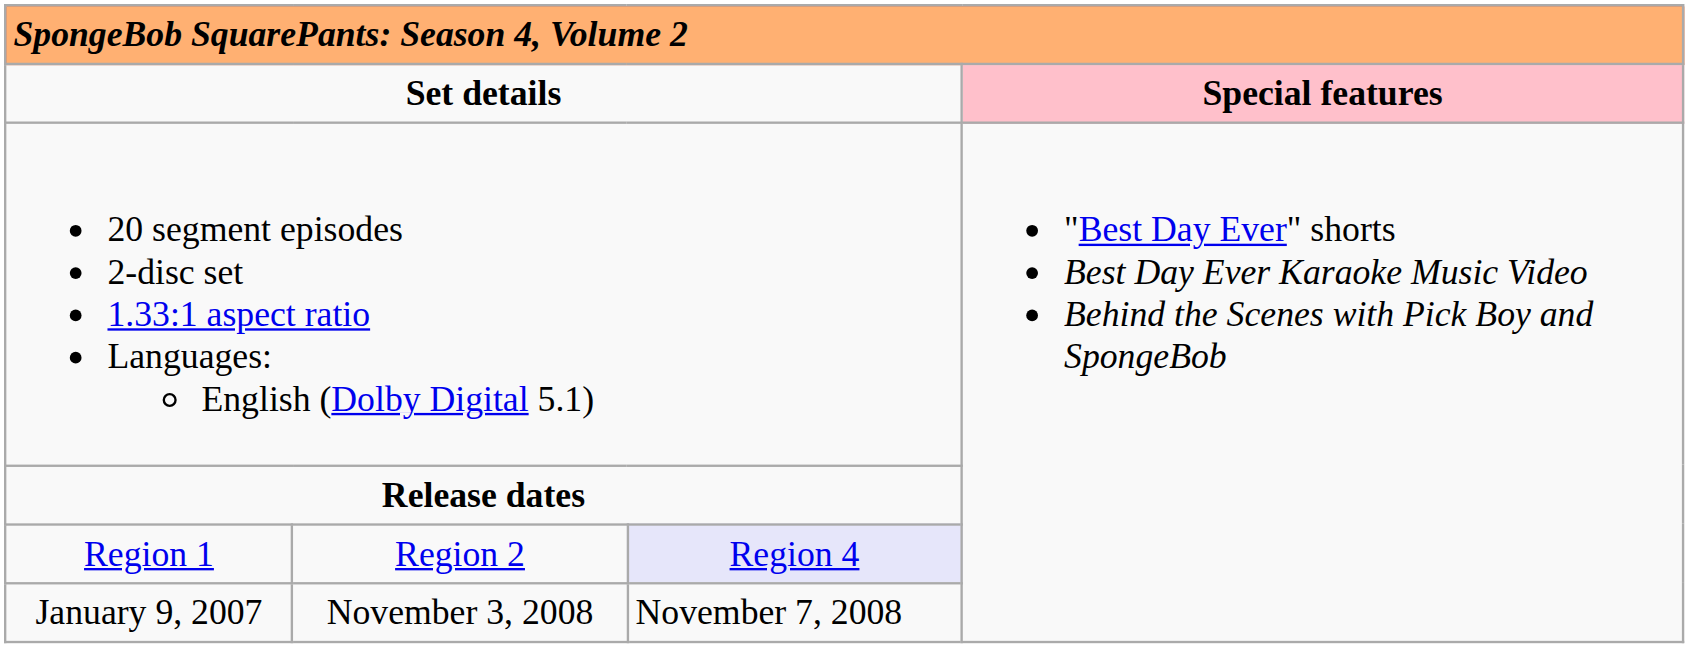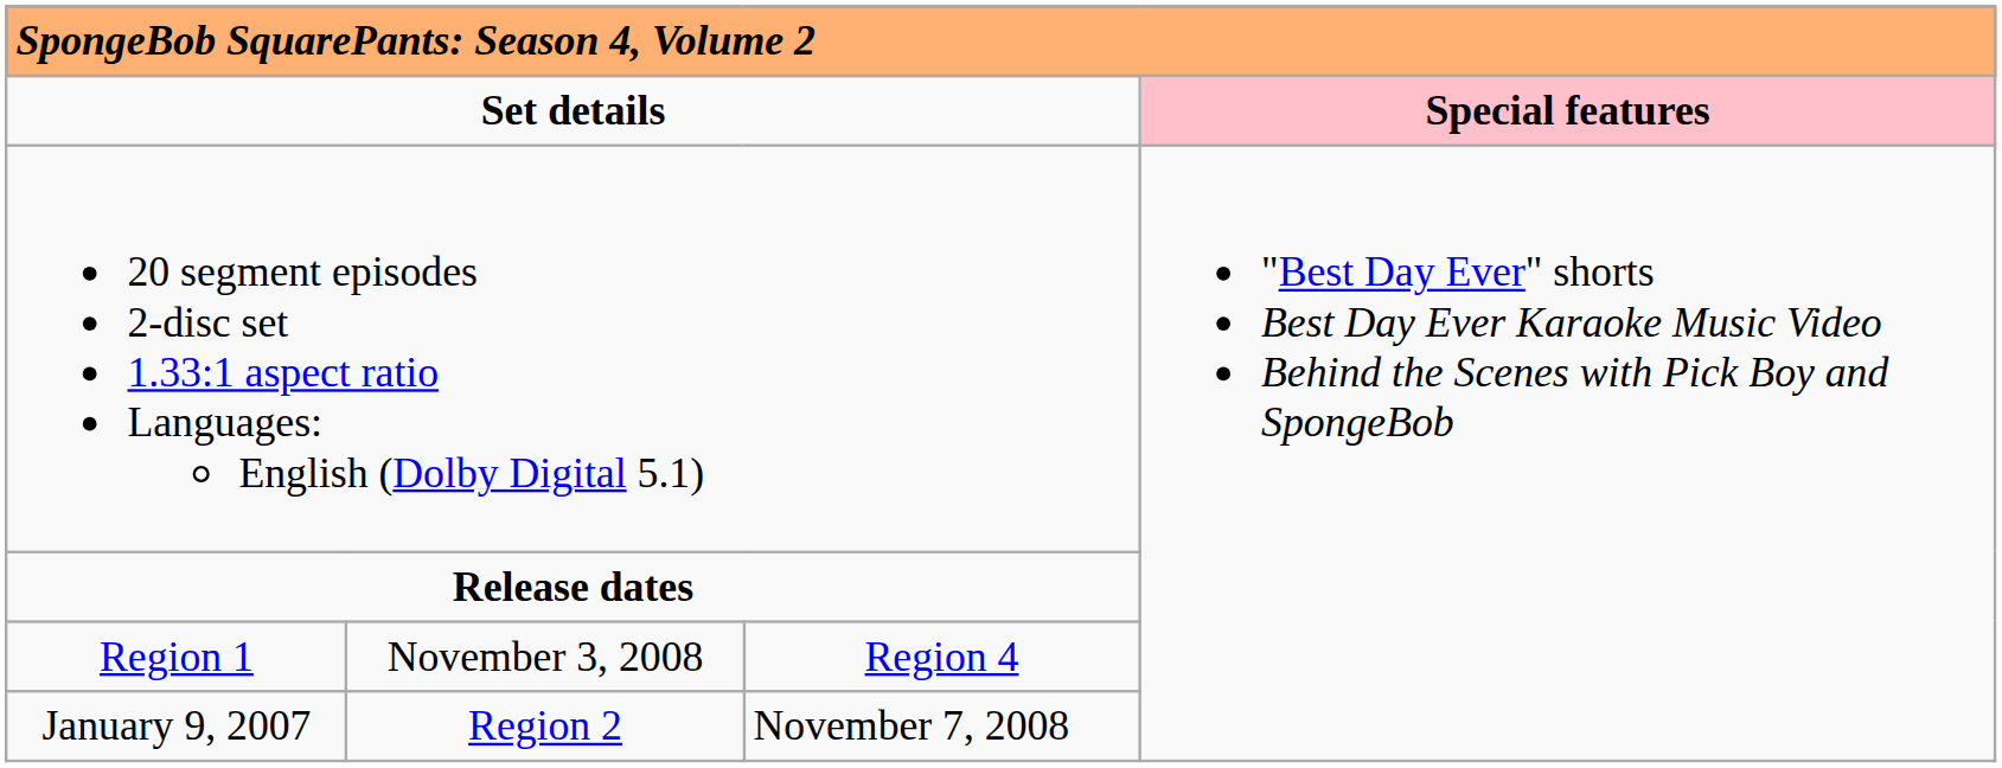 <table class="wikitable" style="font-size: 95%;">
 <tr style="background:#AC220A; color:#000;">
 <td colspan="4" style="background-color: #FFB072;"><strong><em>SpongeBob SquarePants: Season 4, Volume 2</em></strong></td>
 </tr>
 <tr valign="top">
 <td align="center" width="300" colspan="3"><strong>Set details</strong></td>
 <td width="300" align="center" style="background: pink;"><strong>Special features</strong></td>
 </tr>
 <tr valign="top">
 <td colspan="3" align="left" width="400"><br><ul><li>20 segment episodes</li><li>2-disc set</li><li><a href='#'>1.33:1 aspect ratio</a></li><li>Languages:<ul><li>English (<a href='#'>Dolby Digital</a> 5.1)</li></ul></li></ul></td>
 <td rowspan="4" align="left" width="300"><br><ul><li>"<a href='#'>Best Day Ever</a>" shorts</li><li><em>Best Day Ever Karaoke Music Video</em></li><li><em>Behind the Scenes with Pick Boy and SpongeBob</em></li></ul></td>
 </tr>
 <tr>
 <td colspan="3" align="center"><strong>Release dates</strong></td>
 </tr>
 <tr>
 <td align="center"><a href='#'>Region 1</a></td>
-<td align="center"><a href='#'>Region 2</a></td>
-<td align="center" style="background: lavender;"><a href='#'>Region 4</a></td>
+<td align="center"><span>November 3, 2008</span></td>
+<td align="center"><a href='#'>Region 4</a></td>
 </tr>
 <tr>
 <td align="center"><span>January 9, 2007</span></td>
-<td align="center"><span>November 3, 2008</span></td>
+<td align="center"><a href='#'>Region 2</a></td>
 <td aligh="center"><span>November 7, 2008</span></td>
 </tr>
 </table>
